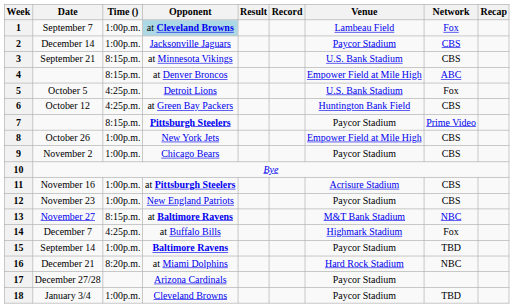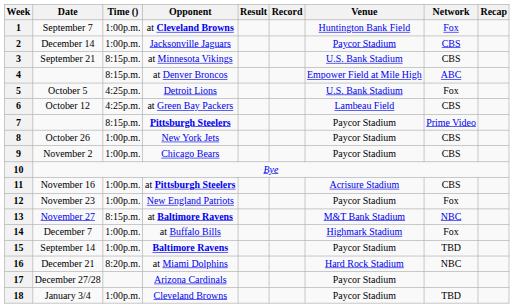 <table class="wikitable" style="text-align:center">
 <tr>
 <th>Week</th>
 <th>Date</th>
 <th>Time (<a href='#'></a>)</th>
 <th>Opponent</th>
 <th>Result</th>
 <th>Record</th>
 <th>Venue</th>
 <th>Network</th>
 <th>Recap</th>
 </tr>
 <tr>
 <th>1 </th>
 <td>September 7</td>
 <td>1:00p.m.</td>
-<td style="background: lightblue;">at <strong><a href='#'>Cleveland Browns</a></strong></td>
+<td>at <strong><a href='#'>Cleveland Browns</a></strong></td>
 <td></td>
 <td></td>
-<td><a href='#'>Lambeau Field</a></td>
+<td><a href='#'>Huntington Bank Field</a></td>
 <td><a href='#'>Fox</a></td>
 <td></td>
 </tr>
 <tr>
 <th>2 </th>
 <td>December 14</td>
 <td>1:00p.m.</td>
 <td><a href='#'>Jacksonville Jaguars</a></td>
 <td></td>
 <td></td>
 <td><a href='#'>Paycor Stadium</a></td>
 <td><a href='#'>CBS</a></td>
 <td></td>
 </tr>
 <tr>
 <th>3 </th>
 <td>September 21</td>
 <td>8:15p.m.</td>
 <td>at <a href='#'>Minnesota Vikings</a></td>
 <td></td>
 <td></td>
 <td><a href='#'>U.S. Bank Stadium</a></td>
 <td>CBS</td>
 <td></td>
 </tr>
 <tr>
 <th>4 </th>
 <td></td>
 <td>8:15p.m.</td>
 <td>at <a href='#'>Denver Broncos</a></td>
 <td></td>
 <td></td>
 <td><a href='#'>Empower Field at Mile High</a></td>
 <td><a href='#'>ABC</a></td>
 <td></td>
 </tr>
 <tr>
 <th>5 </th>
 <td>October 5</td>
 <td>4:25p.m.</td>
 <td><a href='#'>Detroit Lions</a></td>
 <td></td>
 <td></td>
 <td><a href='#'>U.S. Bank Stadium</a></td>
 <td>Fox</td>
 <td></td>
 </tr>
 <tr>
 <th>6 </th>
 <td>October 12</td>
 <td>4:25p.m.</td>
 <td>at <a href='#'>Green Bay Packers</a></td>
 <td></td>
 <td></td>
-<td><a href='#'>Huntington Bank Field</a></td>
+<td><a href='#'>Lambeau Field</a></td>
 <td>CBS</td>
 <td></td>
 </tr>
 <tr>
 <th>7 </th>
 <td></td>
 <td>8:15p.m.</td>
 <td><strong><a href='#'>Pittsburgh Steelers</a></strong></td>
 <td></td>
 <td></td>
 <td>Paycor Stadium</td>
 <td><a href='#'>Prime Video</a></td>
 <td></td>
 </tr>
 <tr>
 <th>8 </th>
 <td>October 26</td>
 <td>1:00p.m.</td>
 <td><a href='#'>New York Jets</a></td>
 <td></td>
 <td></td>
-<td><a href='#'>Empower Field at Mile High</a></td>
+<td>Paycor Stadium</td>
 <td>CBS</td>
 <td></td>
 </tr>
 <tr>
 <th>9 </th>
 <td>November 2</td>
 <td>1:00p.m.</td>
 <td><a href='#'>Chicago Bears</a></td>
 <td></td>
 <td></td>
 <td>Paycor Stadium</td>
 <td>CBS</td>
 <td></td>
 </tr>
 <tr>
 <th>10</th>
 <td colspan=8><em><a href='#'>Bye</a></em></td>
 </tr>
 <tr>
 <th>11 </th>
 <td>November 16</td>
 <td>1:00p.m.</td>
 <td>at <strong><a href='#'>Pittsburgh Steelers</a></strong></td>
 <td></td>
 <td></td>
 <td><a href='#'>Acrisure Stadium</a></td>
 <td>CBS</td>
 <td></td>
 </tr>
 <tr>
 <th>12 </th>
 <td>November 23</td>
 <td>1:00p.m.</td>
 <td><a href='#'>New England Patriots</a></td>
 <td></td>
 <td></td>
 <td>Paycor Stadium</td>
-<td>CBS</td>
+<td>Fox</td>
 <td></td>
 </tr>
 <tr>
 <th>13 </th>
 <td><a href='#'>November 27</a></td>
 <td>8:15p.m.</td>
 <td>at <strong><a href='#'>Baltimore Ravens</a></strong></td>
 <td></td>
 <td></td>
 <td><a href='#'>M&T Bank Stadium</a></td>
 <td><a href='#'>NBC</a></td>
 <td></td>
 </tr>
 <tr>
 <th>14 </th>
 <td>December 7</td>
-<td>4:25p.m.</td>
+<td>1:00p.m.</td>
 <td>at <a href='#'>Buffalo Bills</a></td>
 <td></td>
 <td></td>
 <td><a href='#'> Highmark Stadium</a></td>
 <td>Fox</td>
 <td></td>
 </tr>
 <tr>
 <th>15 </th>
 <td>September 14</td>
 <td>1:00p.m.</td>
 <td><strong><a href='#'>Baltimore Ravens</a></td>
 <td></td>
 <td></td>
 <td>Paycor Stadium</td>
 <td>TBD</td>
 <td></td>
 </tr>
 <tr>
 <th>16 </th>
 <td>December 21</td>
 <td>8:20p.m.</td>
 <td>at <a href='#'>Miami Dolphins</a></td>
 <td></td>
 <td></td>
 <td><a href='#'>Hard Rock Stadium</a></td>
 <td>NBC</td>
 <td></td>
 </tr>
 <tr>
 <th>17 </th>
 <td>December 27/28</td>
 <td></td>
 <td><a href='#'>Arizona Cardinals</a></td>
 <td></td>
 <td></td>
 <td>Paycor Stadium</td>
 <td></td>
 <td></td>
 </tr>
 <tr>
 <th>18 </th>
 <td>January 3/4</td>
 <td>1:00p.m.</td>
 <td></strong><a href='#'>Cleveland Browns</a><strong></td>
 <td></td>
 <td></td>
 <td>Paycor Stadium</td>
 <td>TBD</td>
 <td></td>
 </tr>
 </table>
